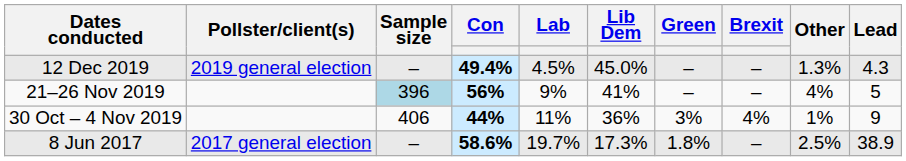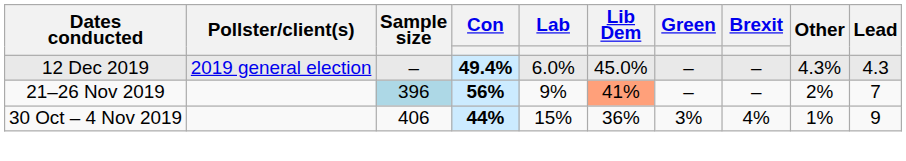 <table class="wikitable sortable mw-datatable" style="text-align:center;line-height:14px;">
 <tr>
 <th rowspan="2">Dates<br>conducted</th>
 <th rowspan="2">Pollster/client(s)</th>
 <th rowspan="2" data-sort-type="number">Sample<br>size</th>
 <th class="unsortable" style="width:50px;"><a href='#'>Con</a></th>
 <th class="unsortable" style="width:50px;"><a href='#'>Lab</a></th>
 <th class="unsortable" style="width:50px;"><a href='#'>Lib Dem</a></th>
 <th class="unsortable" style="width:50px;"><a href='#'>Green</a></th>
 <th class="unsortable" style="width:50px;"><a href='#'>Brexit</a></th>
 <th rowspan="2" class="unsortable">Other</th>
 <th rowspan="2" data-sort-type="number">Lead</th>
 </tr>
 <tr>
 <th data-sort-type="number" style="background:"></th>
 <th data-sort-type="number" style="background:"></th>
 <th data-sort-type="number" style="background:"></th>
 <th data-sort-type="number" style="background:"></th>
 <th data-sort-type="number" style="background:"></th>
 </tr>
 <tr style="background:#E9E9E9;">
 <td data-sort-value="2017-06-08">12 Dec 2019</td>
 <td><a href='#'>2019 general election</a></td>
 <td>–</td>
 <td style="background:#CCEBFF;"><strong>49.4%</strong></td>
-<td>4.5%</td>
+<td>6.0%</td>
 <td>45.0%</td>
 <td>–</td>
 <td>–</td>
-<td>1.3%</td>
+<td>4.3%</td>
 <td style="background:">4.3</td>
 </tr>
 <tr>
 <td data-sort-value="2019-11-30">21–26 Nov 2019</td>
 <td></td>
 <td style="background: lightblue;">396</td>
 <td style="background:#CCEBFF;"><strong>56%</strong></td>
 <td>9%</td>
-<td>41%</td>
+<td style="background: lightsalmon;">41%</td>
 <td>–</td>
 <td>–</td>
-<td>4%</td>
-<td style="background:">5</td>
+<td>2%</td>
+<td style="background:">7</td>
 </tr>
 <tr>
 <td data-sort-value="2019-11-4">30 Oct – 4 Nov 2019</td>
 <td></td>
 <td>406</td>
 <td style="background:#CCEBFF;"><strong>44%</strong></td>
-<td>11%</td>
+<td>15%</td>
 <td>36%</td>
 <td>3%</td>
 <td>4%</td>
 <td>1%</td>
 <td style="background:">9</td>
 </tr>
-<tr style="background:#E9E9E9;">
-<td data-sort-value="2017-06-08">8 Jun 2017</td>
-<td><a href='#'>2017 general election</a></td>
-<td>–</td>
-<td style="background:#CCEBFF;"><strong>58.6%</strong></td>
-<td>19.7%</td>
-<td>17.3%</td>
-<td>1.8%</td>
-<td>–</td>
-<td>2.5%</td>
-<td style="background:">38.9</td>
-</tr>
 </table>
